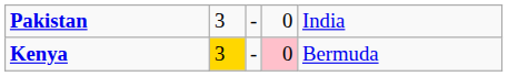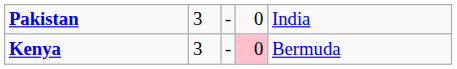 <table class="wikitable">
 <tr>
 <td width=150> <strong><a href='#'>Pakistan</a></strong></td>
 <td style="width:20px; text-align:left;">3</td>
 <td>-</td>
 <td style="width:20px; text-align:right;">0</td>
 <td width=150> <a href='#'>India</a></td>
 </tr>
 <tr>
 <td> <strong><a href='#'>Kenya</a></strong></td>
-<td style="background: gold; text-align:left;">3</td>
+<td style="text-align:left;">3</td>
 <td>-</td>
 <td style="background: pink; text-align:right;">0</td>
 <td> <a href='#'>Bermuda</a></td>
 </tr>
 </table>
